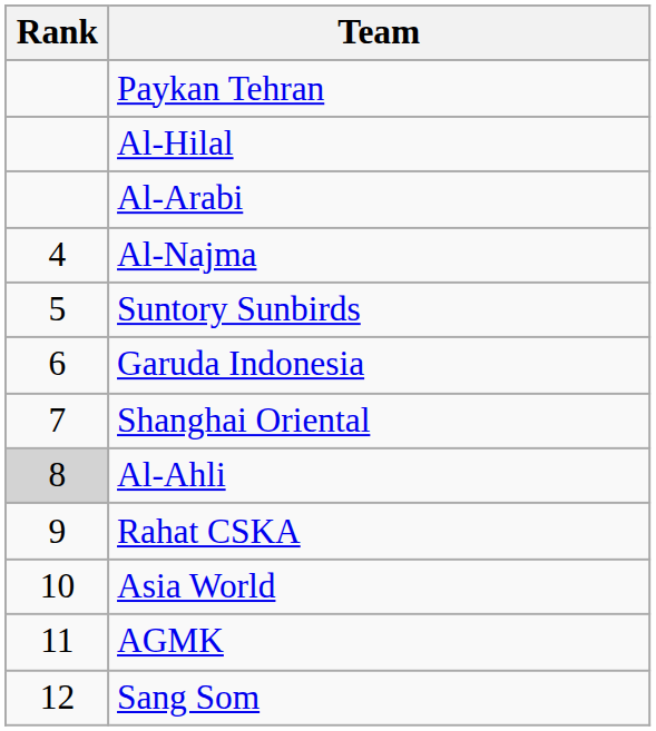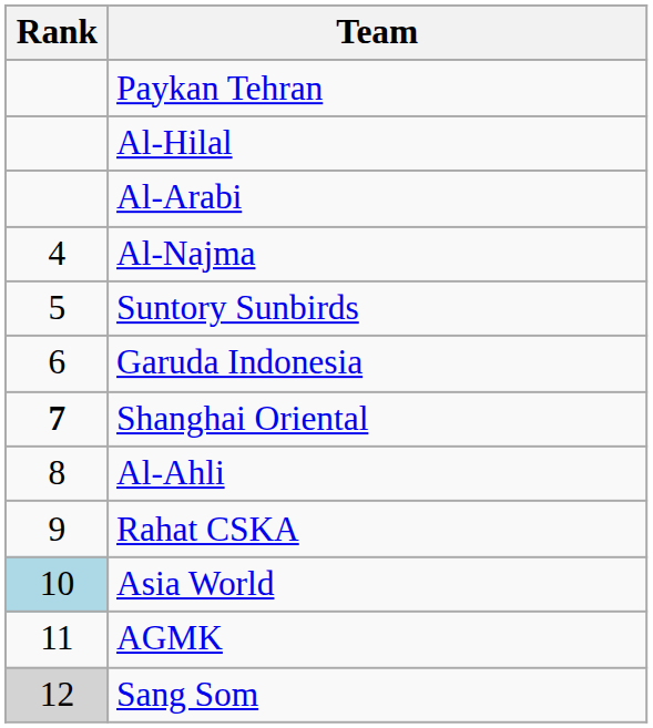 <table class="wikitable" style="text-align: center;">
 <tr>
 <th width=40>Rank</th>
 <th width=240>Team</th>
 </tr>
 <tr>
 <td></td>
 <td align="left"> <a href='#'>Paykan Tehran</a></td>
 </tr>
 <tr>
 <td></td>
 <td align="left"> <a href='#'>Al-Hilal</a></td>
 </tr>
 <tr>
 <td></td>
 <td align="left"> <a href='#'>Al-Arabi</a></td>
 </tr>
 <tr>
 <td>4</td>
 <td align="left"> <a href='#'>Al-Najma</a></td>
 </tr>
 <tr>
 <td>5</td>
 <td align="left"> <a href='#'>Suntory Sunbirds</a></td>
 </tr>
 <tr>
 <td>6</td>
 <td align="left"> <a href='#'>Garuda Indonesia</a></td>
 </tr>
 <tr>
-<td>7</td>
+<td><strong>7</strong></td>
 <td align="left"> <a href='#'>Shanghai Oriental</a></td>
 </tr>
 <tr>
-<td style="background: lightgrey;">8</td>
+<td>8</td>
 <td align="left"> <a href='#'>Al-Ahli</a></td>
 </tr>
 <tr>
 <td>9</td>
 <td align="left"> <a href='#'>Rahat CSKA</a></td>
 </tr>
 <tr>
-<td>10</td>
+<td style="background: lightblue;">10</td>
 <td align="left"> <a href='#'>Asia World</a></td>
 </tr>
 <tr>
 <td>11</td>
 <td align="left"> <a href='#'>AGMK</a></td>
 </tr>
 <tr>
-<td>12</td>
+<td style="background: lightgrey;">12</td>
 <td align="left"> <a href='#'>Sang Som</a></td>
 </tr>
 </table>
